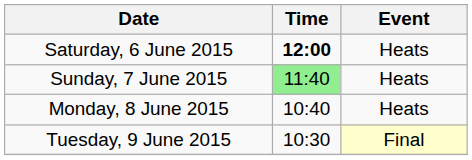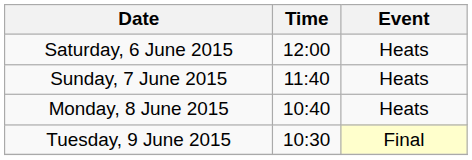 <table class = "wikitable" style="text-align:center;">
 <tr>
 <th width=220>Date</th>
 <th width=50>Time</th>
 <th width=100>Event</th>
 </tr>
 <tr>
 <td>Saturday, 6 June 2015</td>
-<td><strong>12:00</strong></td>
+<td>12:00</td>
 <td>Heats</td>
 </tr>
 <tr>
 <td>Sunday, 7 June 2015</td>
-<td style="background: lightgreen;">11:40</td>
+<td>11:40</td>
 <td>Heats</td>
 </tr>
 <tr>
 <td>Monday, 8 June 2015</td>
 <td>10:40</td>
 <td>Heats</td>
 </tr>
 <tr>
 <td>Tuesday, 9 June 2015</td>
 <td>10:30</td>
 <td bgcolor=ffffcc>Final</td>
 </tr>
 <tr>
 </tr>
 </table>
